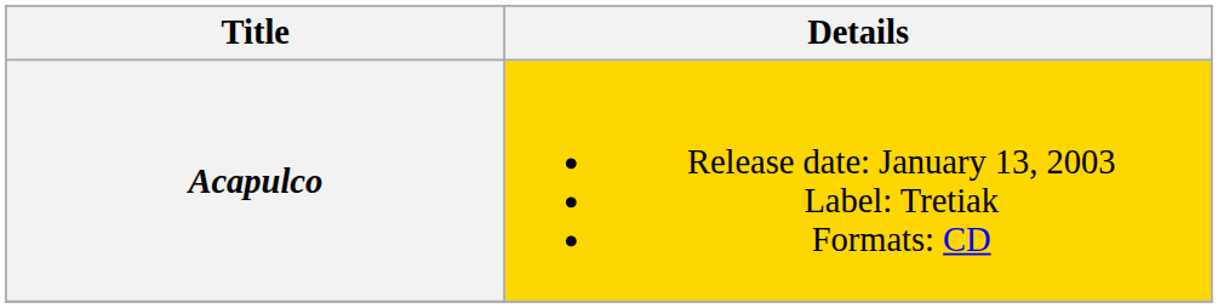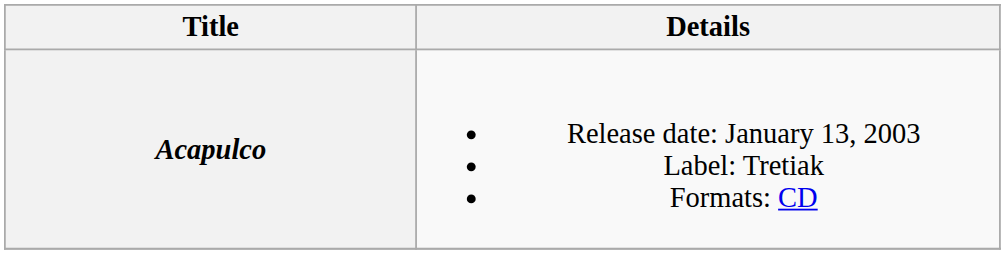 <table class="wikitable plainrowheaders" style="text-align:center;">
 <tr>
 <th style="width:14em;">Title</th>
 <th style="width:20em;">Details</th>
 </tr>
 <tr>
 <th scope="row"><em>Acapulco</em></th>
-<td style="background: gold;"><br><ul><li>Release date: January 13, 2003</li><li>Label: Tretiak</li><li>Formats: <a href='#'>CD</a></li></ul></td>
+<td><br><ul><li>Release date: January 13, 2003</li><li>Label: Tretiak</li><li>Formats: <a href='#'>CD</a></li></ul></td>
 </tr>
 <tr>
 </tr>
 </table>
